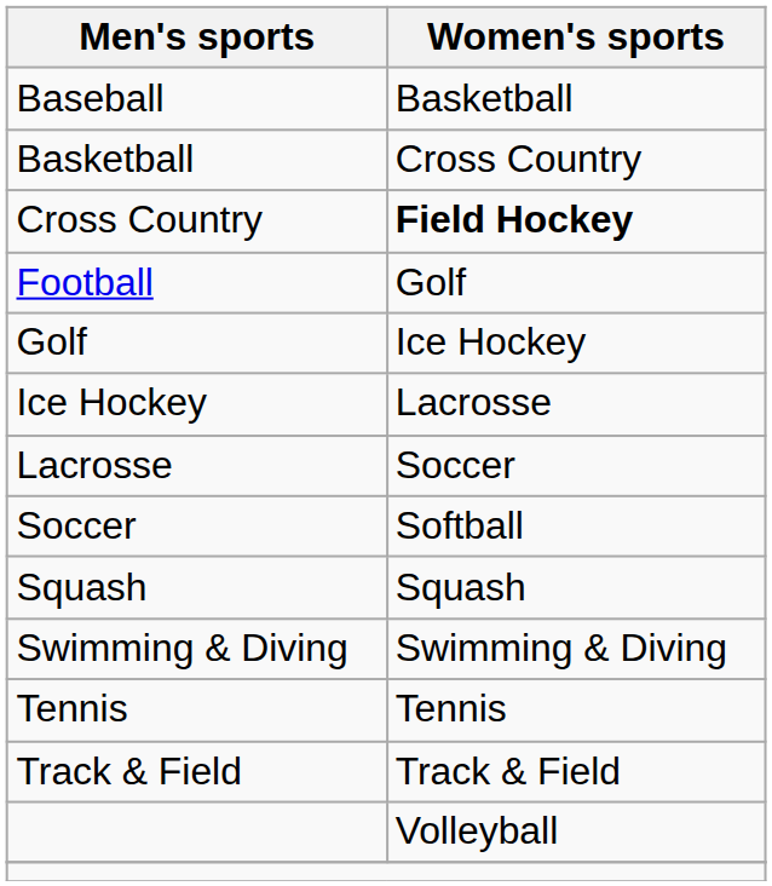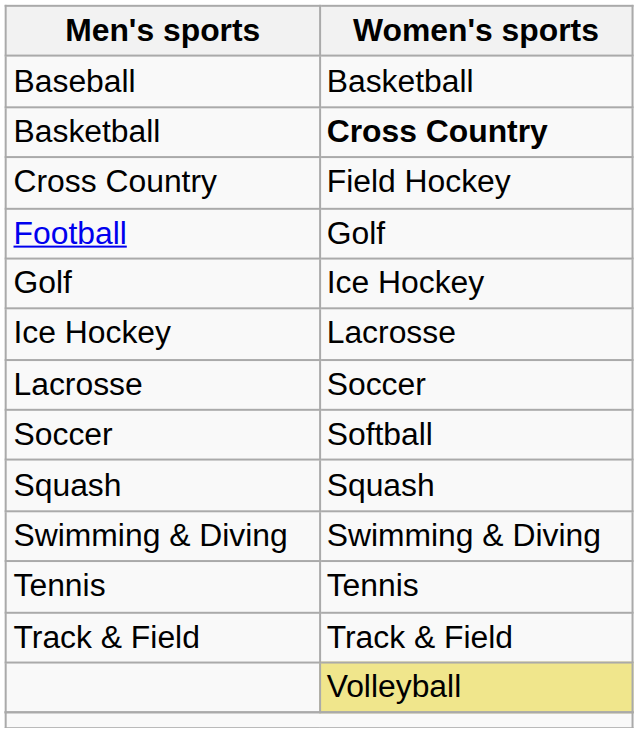 <table class="wikitable" style="float:right; clear:right; margin-left:15px">
 <tr>
 <th width=150px>Men's sports</th>
 <th width=150px>Women's sports</th>
 </tr>
 <tr>
 <td>Baseball</td>
 <td>Basketball</td>
 </tr>
 <tr>
 <td>Basketball</td>
-<td>Cross Country</td>
+<td><strong>Cross Country</strong></td>
 </tr>
 <tr>
 <td>Cross Country</td>
-<td><strong>Field Hockey</strong></td>
+<td>Field Hockey</td>
 </tr>
 <tr>
 <td><a href='#'>Football</a></td>
 <td>Golf</td>
 </tr>
 <tr>
 <td>Golf</td>
 <td>Ice Hockey</td>
 </tr>
 <tr>
 <td>Ice Hockey</td>
 <td>Lacrosse</td>
 </tr>
 <tr>
 <td>Lacrosse</td>
 <td>Soccer</td>
 </tr>
 <tr>
 <td>Soccer</td>
 <td>Softball</td>
 </tr>
 <tr>
 <td>Squash</td>
 <td>Squash</td>
 </tr>
 <tr>
 <td>Swimming & Diving</td>
 <td>Swimming & Diving</td>
 </tr>
 <tr>
 <td>Tennis</td>
 <td>Tennis</td>
 </tr>
 <tr>
 <td>Track & Field</td>
 <td>Track & Field</td>
 </tr>
 <tr>
 <td></td>
-<td>Volleyball</td>
+<td style="background: khaki;">Volleyball</td>
 </tr>
 <tr>
 </tr>
 <tr>
 <td colspan="2"></td>
 </tr>
 </table>
